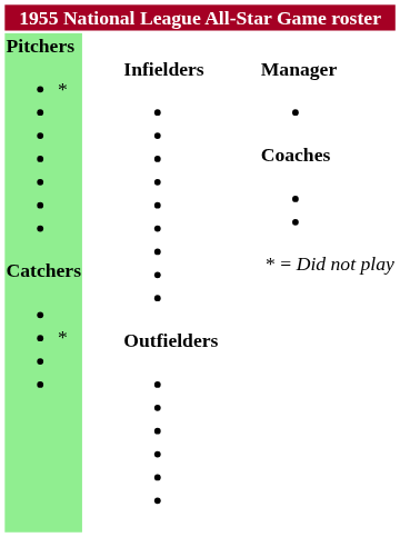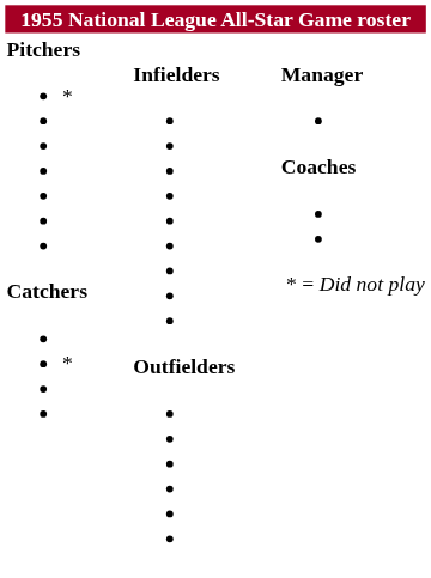 <table class="toccolours" style="font-size: 95%;">
 <tr>
 <th colspan=10 style="background:#a50024; color:#fff; text-align:center;">1955 National League All-Star Game roster</th>
 </tr>
 <tr>
-<td valign="top" style="background: lightgreen;"><strong>Pitchers</strong><br><ul><li> *</li><li></li><li></li><li></li><li></li><li></li><li></li></ul><strong>Catchers</strong><ul><li></li><li> *</li><li></li><li></li></ul></td>
+<td valign="top"><strong>Pitchers</strong><br><ul><li> *</li><li></li><li></li><li></li><li></li><li></li><li></li></ul><strong>Catchers</strong><ul><li></li><li> *</li><li></li><li></li></ul></td>
 <td style="width:25px;"></td>
 <td valign="top"><br><strong>Infielders</strong><ul><li></li><li></li><li></li><li></li><li></li><li></li><li></li><li></li><li></li></ul><strong>Outfielders</strong><ul><li></li><li></li><li></li><li></li><li></li><li></li></ul></td>
 <td style="width:25px;"></td>
 <td valign="top"><br><strong>Manager</strong><ul><li></li></ul><strong>Coaches</strong><ul><li></li><li></li></ul> * = <em>Did not play</em></td>
 </tr>
 </table>
